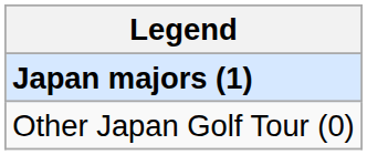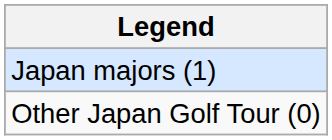 <table class="wikitable" style="font-size:95%;">
 <tr>
 <th>Legend</th>
 </tr>
 <tr style="background:#D6E8FF;">
-<td><strong>Japan majors (1)</strong></td>
+<td>Japan majors (1)</td>
 </tr>
 <tr>
 <td>Other Japan Golf Tour (0)</td>
 </tr>
 </table>
